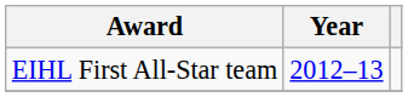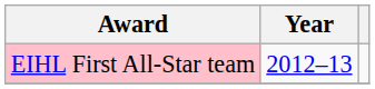 <table class="wikitable">
 <tr>
 <th>Award</th>
 <th>Year</th>
 <th></th>
 </tr>
 <tr>
-<td><a href='#'>EIHL</a> First All-Star team</td>
+<td style="background: pink;"><a href='#'>EIHL</a> First All-Star team</td>
 <td><a href='#'>2012–13</a></td>
 <td></td>
 </tr>
 <tr>
 </tr>
 </table>
